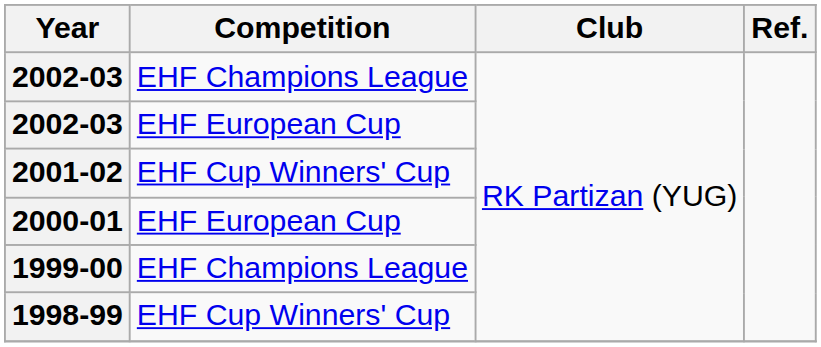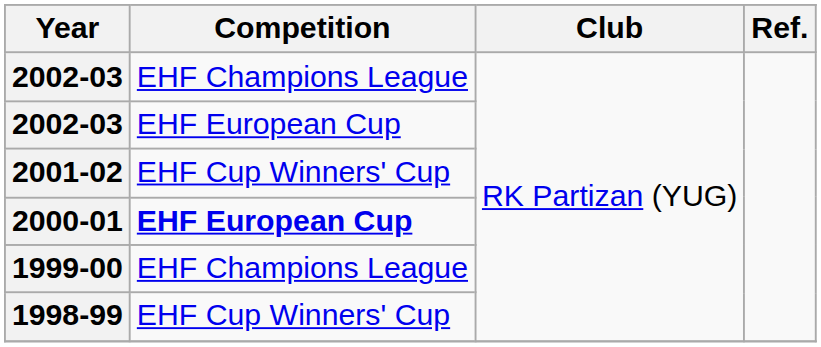 <table class=wikitable>
 <tr>
 <th>Year</th>
 <th>Competition</th>
 <th>Club</th>
 <th>Ref.</th>
 </tr>
 <tr>
 <th>2002-03</th>
 <td><a href='#'>EHF Champions League</a></td>
 <td rowspan=6><a href='#'>RK Partizan</a> (YUG)</td>
 <td rowspan=6></td>
 </tr>
 <tr>
 <th>2002-03</th>
 <td><a href='#'>EHF European Cup</a></td>
 </tr>
 <tr>
 <th>2001-02</th>
 <td><a href='#'>EHF Cup Winners' Cup</a></td>
 </tr>
 <tr>
 <th>2000-01</th>
-<td><a href='#'>EHF European Cup</a></td>
+<td><strong><a href='#'>EHF European Cup</a></strong></td>
 </tr>
 <tr>
 <th>1999-00</th>
 <td><a href='#'>EHF Champions League</a></td>
 </tr>
 <tr>
 <th>1998-99</th>
 <td><a href='#'>EHF Cup Winners' Cup</a></td>
 </tr>
 <tr>
 </tr>
 </table>
